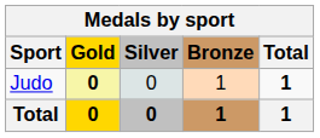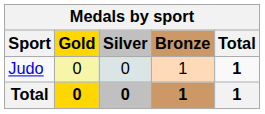 <table class="wikitable sortable"style="font-size:100%; text-align:center;">
 <tr style="background:#efefef;">
 <th colspan=5>Medals by sport</th>
 </tr>
 <tr>
 <th><strong>Sport</strong></th>
 <th style="background-color:gold;"><strong>Gold </strong></th>
 <th style="background-color:silver;"><strong>Silver </strong></th>
 <th style="background-color:#c96;"><strong>Bronze </strong></th>
 <th><strong>Total</strong></th>
 </tr>
 <tr>
 <td align=left> <a href='#'>Judo</a></td>
-<td style="background:#F7F6A8;"><strong>0</strong></td>
+<td style="background:#F7F6A8;">0</td>
 <td style="background:#DCE5E5;">0</td>
 <td style="background:#FFDAB9;">1</td>
 <td><strong>1</strong></td>
 </tr>
 <tr>
 <th>Total</th>
 <th style="background:gold;">0</th>
 <th style="background:silver;">0</th>
 <th style="background:#c96;">1</th>
 <th>1</th>
 </tr>
 </table>
